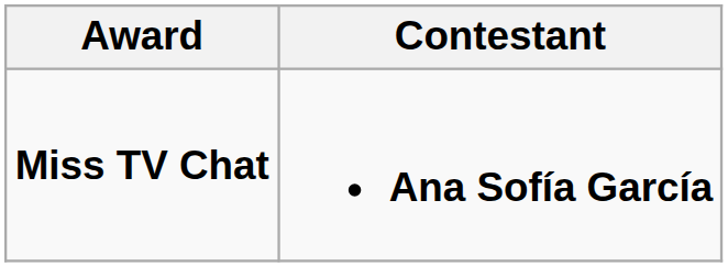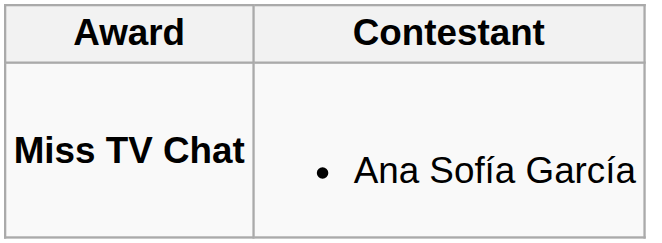 <table class="wikitable">
 <tr>
 <th>Award</th>
 <th>Contestant</th>
 </tr>
 <tr>
 <td><strong>Miss TV Chat</strong></td>
-<td><strong><br><ul><li>Ana Sofía García</li></ul></strong></td>
+<td><br><ul><li>Ana Sofía García</li></ul></td>
 </tr>
 </table>
